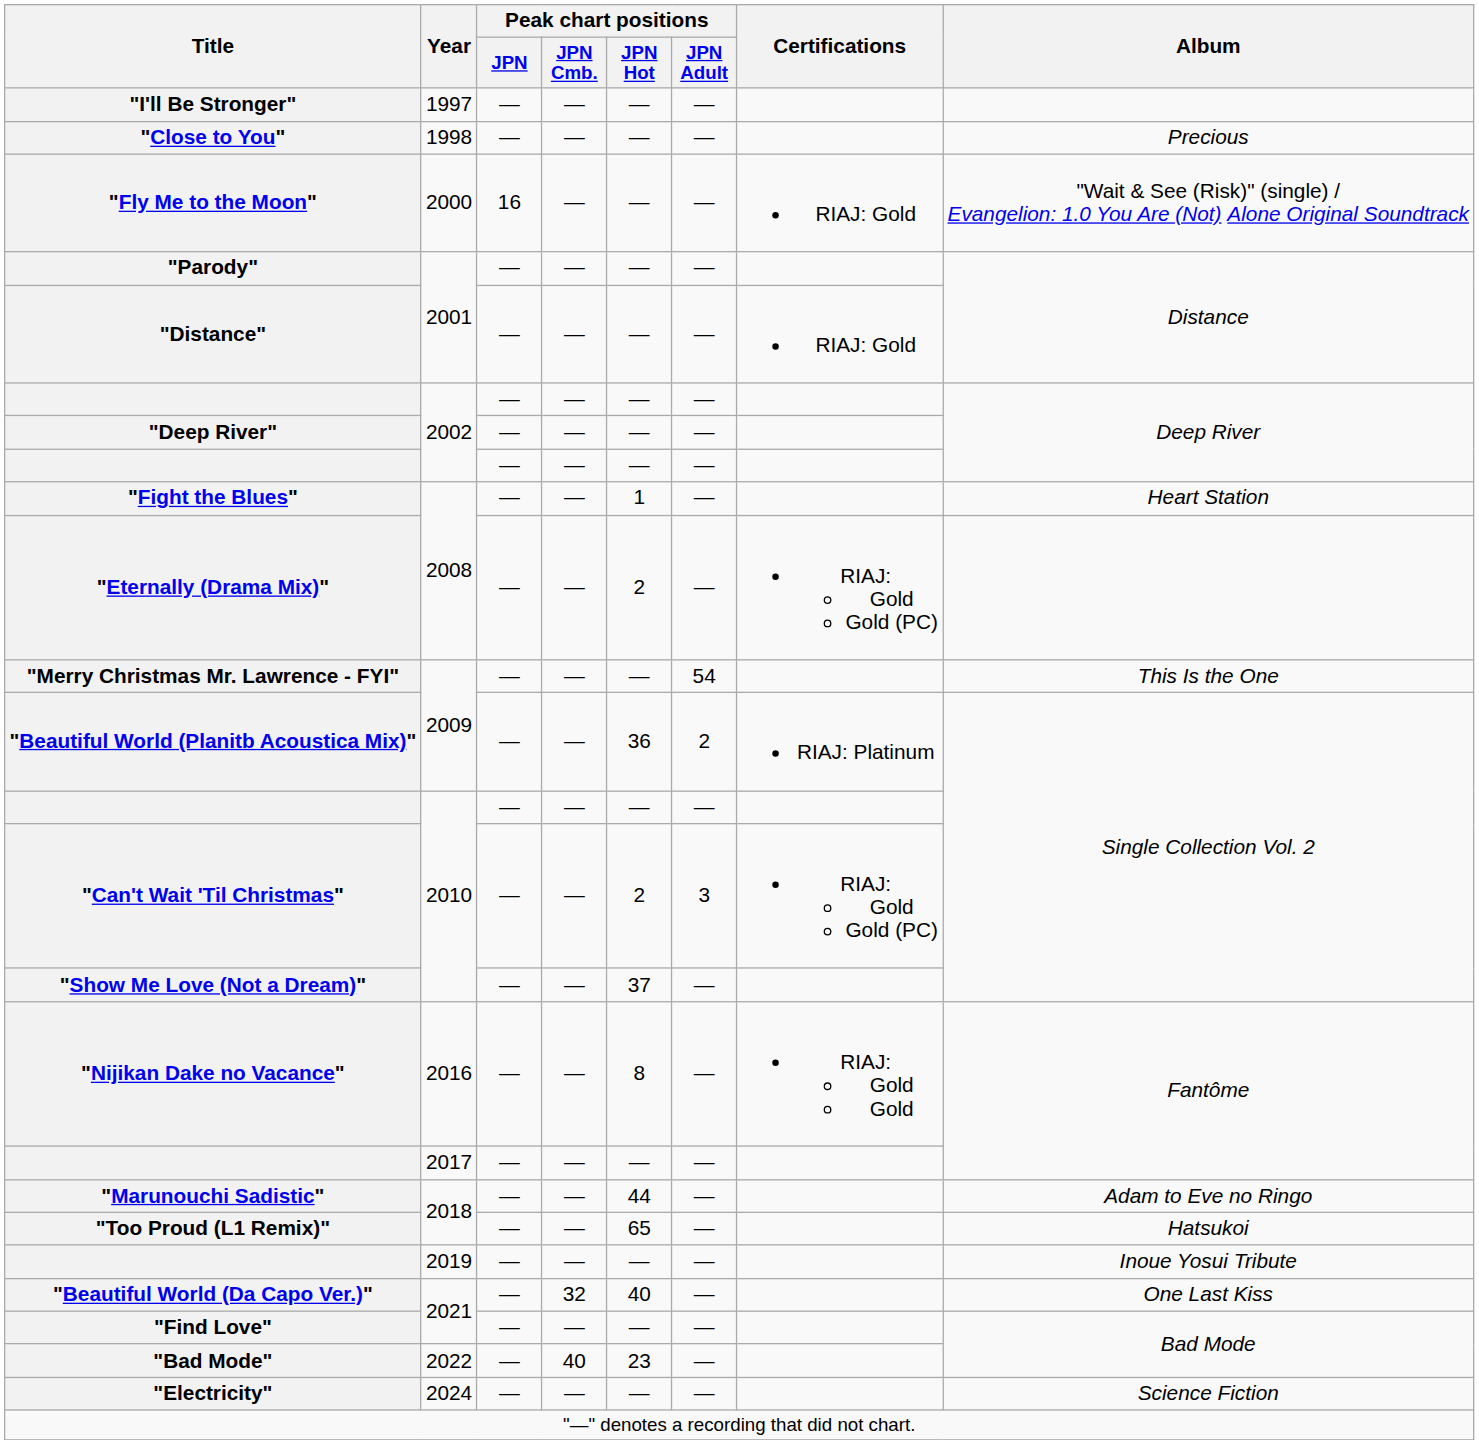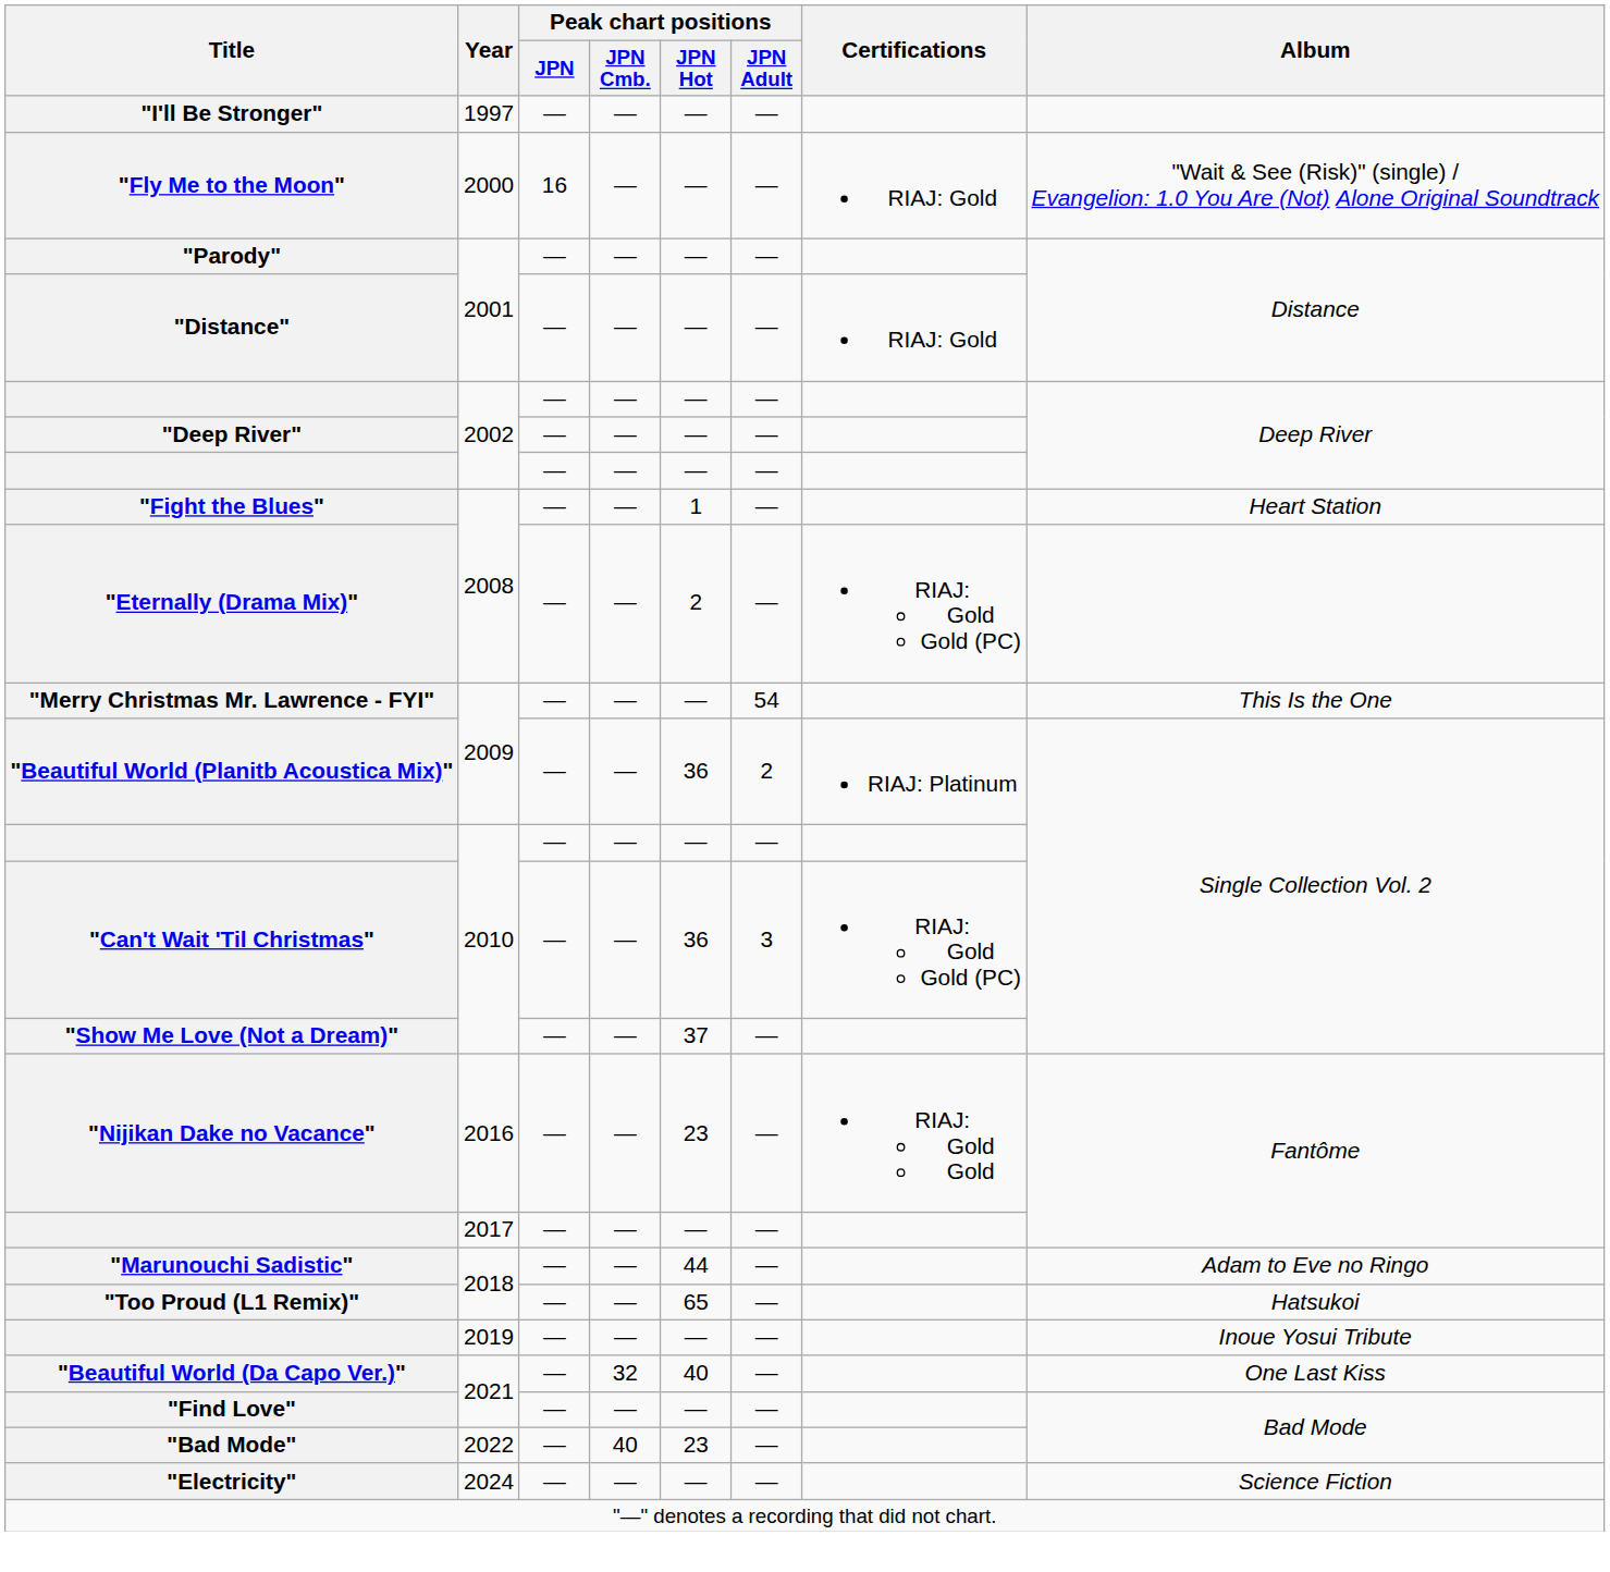 <table class="wikitable plainrowheaders" style="text-align:center;">
 <tr>
 <th rowspan="2" scope="col">Title</th>
 <th rowspan="2" scope="col">Year</th>
 <th colspan="4" scope="col">Peak chart positions</th>
 <th rowspan="2" scope="col">Certifications</th>
 <th rowspan="2" scope="col">Album</th>
 </tr>
 <tr>
 <th scope="col" style="width:3em;font-size:90%;"><a href='#'>JPN</a><br></th>
 <th scope="col" style="width:3em;font-size:90%;"><a href='#'>JPN Cmb.</a><br></th>
 <th scope="col" style="width:3em;font-size:90%;"><a href='#'>JPN Hot</a><br></th>
 <th scope="col" style="width:3em;font-size:90%;"><a href='#'>JPN Adult</a></th>
 </tr>
 <tr>
 <th scope="row">"I'll Be Stronger"<br></th>
 <td>1997</td>
 <td>—</td>
 <td>—</td>
 <td>—</td>
 <td>—</td>
 <td></td>
 <td></td>
-</tr>
-<tr>
-<th scope="row">"<a href='#'>Close to You</a>"<br></th>
-<td>1998</td>
-<td>—</td>
-<td>—</td>
-<td>—</td>
-<td>—</td>
-<td></td>
-<td><em>Precious</em></td>
 </tr>
 <tr>
 <th scope="row">"<a href='#'>Fly Me to the Moon</a>"</th>
 <td>2000</td>
 <td>16</td>
 <td>—</td>
 <td>—</td>
 <td>—</td>
 <td><br><ul><li>RIAJ: Gold </li></ul></td>
 <td>"Wait & See (Risk)" <span>(single)</span> /<br><em><a href='#'>Evangelion: 1.0 You Are (Not)</a></em> <em><a href='#'>Alone Original Soundtrack</a></em></td>
 </tr>
 <tr>
 <th scope="row">"Parody"</th>
 <td rowspan="2">2001</td>
 <td>—</td>
 <td>—</td>
 <td>—</td>
 <td>—</td>
 <td></td>
 <td rowspan="2"><em>Distance</em></td>
 </tr>
 <tr>
 <th scope="row">"Distance"</th>
 <td>—</td>
 <td>—</td>
 <td>—</td>
 <td>—</td>
 <td><br><ul><li>RIAJ: Gold </li></ul></td>
 </tr>
 <tr>
 <th scope="row"></th>
 <td rowspan="3">2002</td>
 <td>—</td>
 <td>—</td>
 <td>—</td>
 <td>—</td>
 <td></td>
 <td rowspan="3"><em>Deep River</em></td>
 </tr>
 <tr>
 <th scope="row">"Deep River"</th>
 <td>—</td>
 <td>—</td>
 <td>—</td>
 <td>—</td>
 <td></td>
 </tr>
 <tr>
 <th scope="row"></th>
 <td>—</td>
 <td>—</td>
 <td>—</td>
 <td>—</td>
 <td></td>
 </tr>
 <tr>
 <th scope="row">"<a href='#'>Fight the Blues</a>"</th>
 <td rowspan="2">2008</td>
 <td>—</td>
 <td>—</td>
 <td>1</td>
 <td>—</td>
 <td></td>
 <td><em>Heart Station</em></td>
 </tr>
 <tr>
 <th scope="row">"<a href='#'>Eternally (Drama Mix)</a>"</th>
 <td>—</td>
 <td>—</td>
 <td>2</td>
 <td>—</td>
 <td><br><ul><li>RIAJ:<ul><li>Gold </li><li>Gold <span>(PC)</span></li></ul></li></ul></td>
 <td></td>
 </tr>
 <tr>
 <th scope="row">"Merry Christmas Mr. Lawrence - FYI"<br></th>
 <td rowspan="2">2009</td>
 <td>—</td>
 <td>—</td>
 <td>—</td>
 <td>54</td>
 <td></td>
 <td><em>This Is the One</em></td>
 </tr>
 <tr>
 <th scope="row">"<a href='#'>Beautiful World (Planitb Acoustica Mix)</a>"</th>
 <td>—</td>
 <td>—</td>
 <td>36</td>
 <td>2</td>
 <td><br><ul><li>RIAJ: Platinum </li></ul></td>
 <td rowspan="4"><em>Single Collection Vol. 2</em></td>
 </tr>
 <tr>
 <th scope="row"></th>
 <td rowspan="3">2010</td>
 <td>—</td>
 <td>—</td>
 <td>—</td>
 <td>—</td>
 <td></td>
 </tr>
 <tr>
 <th scope="row">"<a href='#'>Can't Wait 'Til Christmas</a>"</th>
 <td>—</td>
 <td>—</td>
-<td>2</td>
+<td>36</td>
 <td>3</td>
 <td><br><ul><li>RIAJ:<ul><li>Gold </li><li>Gold <span>(PC)</span></li></ul></li></ul></td>
 </tr>
 <tr>
 <th scope="row">"<a href='#'>Show Me Love (Not a Dream)</a>"</th>
 <td>—</td>
 <td>—</td>
 <td>37</td>
 <td>—</td>
 <td></td>
 </tr>
 <tr>
 <th scope="row">"<a href='#'>Nijikan Dake no Vacance</a>"<br></th>
 <td>2016</td>
 <td>—</td>
 <td>—</td>
-<td>8</td>
+<td>23</td>
 <td>—</td>
 <td><br><ul><li>RIAJ:<ul><li>Gold </li><li>Gold </li></ul></li></ul></td>
 <td rowspan="2"><em>Fantôme</em></td>
 </tr>
 <tr>
 <th scope="row"><br></th>
 <td>2017</td>
 <td>—</td>
 <td>—</td>
 <td>—</td>
 <td>—</td>
 <td></td>
 </tr>
 <tr>
 <th scope="row">"<a href='#'>Marunouchi Sadistic</a>"<br></th>
 <td rowspan="2">2018</td>
 <td>—</td>
 <td>—</td>
 <td>44</td>
 <td>—</td>
 <td></td>
 <td><em>Adam to Eve no Ringo</em></td>
 </tr>
 <tr>
 <th scope="row">"Too Proud (L1 Remix)"<br></th>
 <td>—</td>
 <td>—</td>
 <td>65</td>
 <td>—</td>
 <td></td>
 <td><em>Hatsukoi</em></td>
 </tr>
 <tr>
 <th scope="row"></th>
 <td>2019</td>
 <td>—</td>
 <td>—</td>
 <td>—</td>
 <td>—</td>
 <td></td>
 <td><em>Inoue Yosui Tribute</em></td>
 </tr>
 <tr>
 <th scope="row">"<a href='#'>Beautiful World (Da Capo Ver.)</a>"</th>
 <td rowspan="2">2021</td>
 <td>—</td>
 <td>32</td>
 <td>40</td>
 <td>—</td>
 <td></td>
 <td><em>One Last Kiss</em></td>
 </tr>
 <tr>
 <th scope="row">"Find Love"</th>
 <td>—</td>
 <td>—</td>
 <td>—</td>
 <td>—</td>
 <td></td>
 <td rowspan="2"><em>Bad Mode</em></td>
 </tr>
 <tr>
 <th scope="row">"Bad Mode"</th>
 <td>2022</td>
 <td>—</td>
 <td>40</td>
 <td>23</td>
 <td>—</td>
 <td></td>
 </tr>
 <tr>
 <th scope="row">"Electricity"</th>
 <td>2024</td>
 <td>—</td>
 <td>—</td>
 <td>—</td>
 <td>—</td>
 <td></td>
 <td><em>Science Fiction</em></td>
 </tr>
 <tr>
 <td colspan="8" style="font-size:90%;">"—" denotes a recording that did not chart.</td>
 </tr>
 </table>
